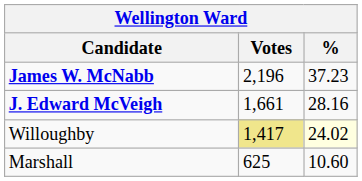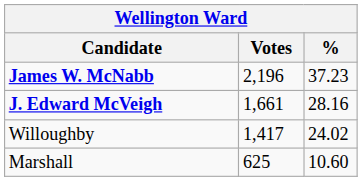 <table class="wikitable">
 <tr>
 <th colspan="3"><a href='#'>Wellington Ward</a></th>
 </tr>
 <tr>
 <th style="width: 200px">Candidate</th>
 <th style="width: 50px">Votes</th>
 <th style="width: 40px">%</th>
 </tr>
 <tr>
 <td><strong><a href='#'>James W. McNabb</a></strong></td>
 <td>2,196</td>
 <td>37.23</td>
 </tr>
 <tr>
 <td><strong><a href='#'>J. Edward McVeigh</a></strong></td>
 <td>1,661</td>
 <td>28.16</td>
 </tr>
 <tr>
 <td>Willoughby</td>
-<td style="background: khaki;">1,417</td>
-<td style="background: lightyellow;">24.02</td>
+<td>1,417</td>
+<td>24.02</td>
 </tr>
 <tr>
 <td>Marshall</td>
 <td>625</td>
 <td>10.60</td>
 </tr>
 </table>
